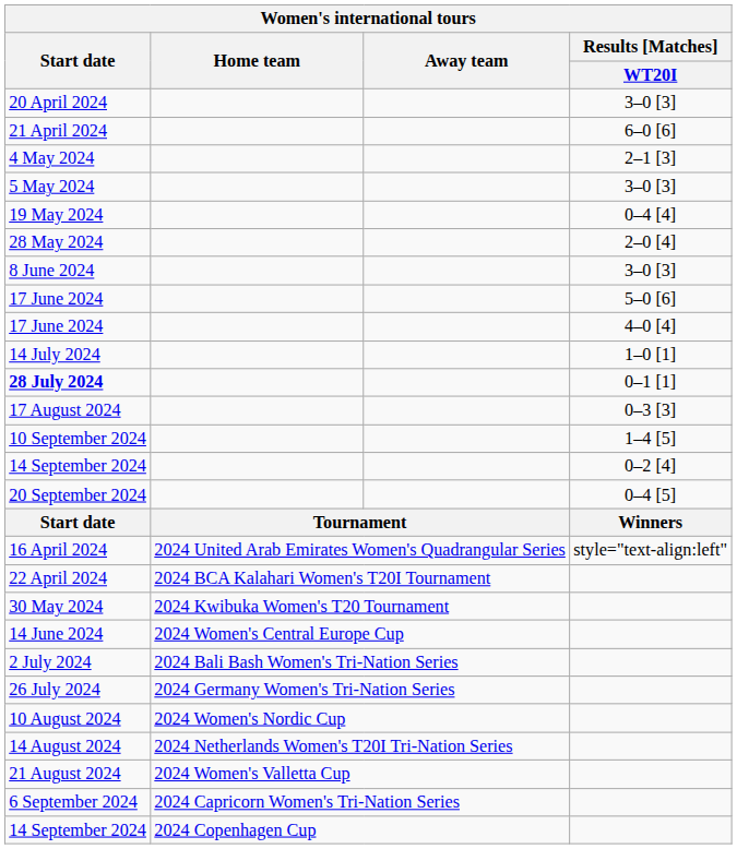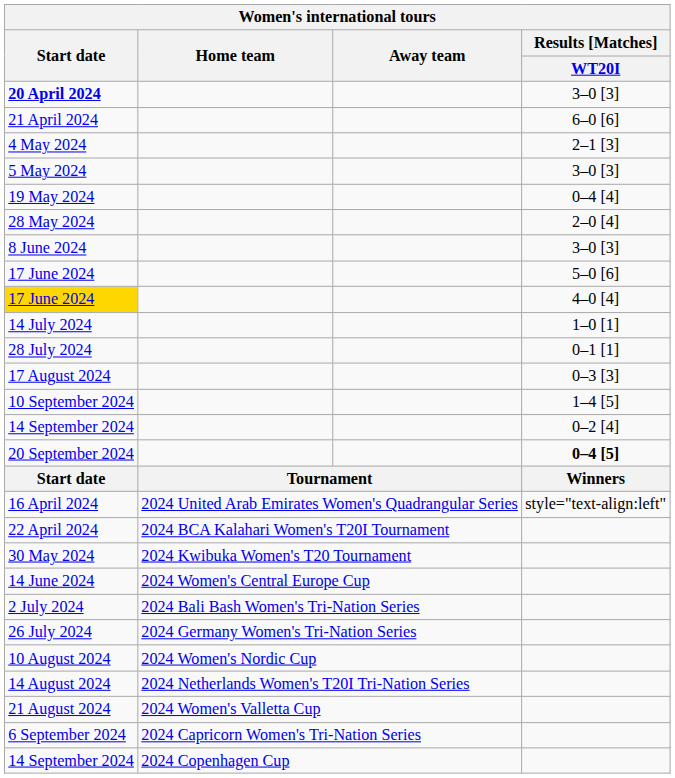 <table class="wikitable" style="text-align:center;">
 <tr>
 <th colspan="4">Women's international tours</th>
 </tr>
 <tr>
 <th rowspan=2>Start date</th>
 <th rowspan=2>Home team</th>
 <th rowspan=2>Away team</th>
 <th>Results [Matches]</th>
 </tr>
 <tr>
 <th><a href='#'>WT20I</a></th>
 </tr>
 <tr>
-<td style="text-align:left"><a href='#'>20 April 2024</a></td>
+<td style="text-align:left"><strong><a href='#'>20 April 2024</a></strong></td>
 <td style="text-align:left"></td>
 <td style="text-align:left"></td>
 <td>3–0 [3]</td>
 </tr>
 <tr>
 <td style="text-align:left"><a href='#'>21 April 2024</a></td>
 <td style="text-align:left"></td>
 <td style="text-align:left"></td>
 <td>6–0 [6]</td>
 </tr>
 <tr>
 <td style="text-align:left"><a href='#'>4 May 2024</a></td>
 <td style="text-align:left"></td>
 <td style="text-align:left"></td>
 <td>2–1 [3]</td>
 </tr>
 <tr>
 <td style="text-align:left"><a href='#'>5 May 2024</a></td>
 <td style="text-align:left"> </td>
 <td style="text-align:left"></td>
 <td>3–0 [3]</td>
 </tr>
 <tr>
 <td style="text-align:left"><a href='#'>19 May 2024</a></td>
 <td style="text-align:left"></td>
 <td style="text-align:left"></td>
 <td>0–4 [4]</td>
 </tr>
 <tr>
 <td style="text-align:left"><a href='#'>28 May 2024</a></td>
 <td style="text-align:left"></td>
 <td style="text-align:left"></td>
 <td>2–0 [4]</td>
 </tr>
 <tr>
 <td style="text-align:left"><a href='#'>8 June 2024</a></td>
 <td style="text-align:left"></td>
 <td style="text-align:left"></td>
 <td>3–0 [3]</td>
 </tr>
 <tr>
 <td style="text-align:left"><a href='#'>17 June 2024</a></td>
 <td style="text-align:left"></td>
 <td style="text-align:left"></td>
 <td>5–0 [6]</td>
 </tr>
 <tr>
-<td style="text-align:left"><a href='#'>17 June 2024</a></td>
+<td style="background: gold; text-align:left"><a href='#'>17 June 2024</a></td>
 <td style="text-align:left"></td>
 <td style="text-align:left"></td>
 <td>4–0 [4]</td>
 </tr>
 <tr>
 <td style="text-align:left"><a href='#'>14 July 2024</a></td>
 <td style="text-align:left"></td>
 <td style="text-align:left"></td>
 <td colspan=3>1–0 [1]</td>
 </tr>
 <tr>
-<td style="text-align:left"><strong><a href='#'>28 July 2024</a></strong></td>
+<td style="text-align:left"><a href='#'>28 July 2024</a></td>
 <td style="text-align:left"></td>
 <td style="text-align:left"></td>
 <td colspan=3>0–1 [1]</td>
 </tr>
 <tr>
 <td style="text-align:left"><a href='#'>17 August 2024</a></td>
 <td style="text-align:left"></td>
 <td style="text-align:left"></td>
 <td>0–3 [3]</td>
 </tr>
 <tr>
 <td style="text-align:left"><a href='#'>10 September 2024</a></td>
 <td style="text-align:left"></td>
 <td style="text-align:left"></td>
 <td>1–4 [5]</td>
 </tr>
 <tr>
 <td style="text-align:left"><a href='#'>14 September 2024</a></td>
 <td style="text-align:left"></td>
 <td style="text-align:left"></td>
 <td>0–2 [4]</td>
 </tr>
 <tr>
 <td style="text-align:left"><a href='#'>20 September 2024</a></td>
 <td style="text-align:left"></td>
 <td style="text-align:left"></td>
-<td>0–4 [5]</td>
+<td><strong>0–4 [5]</strong></td>
 </tr>
 <tr>
 <th>Start date</th>
 <th colspan=2>Tournament</th>
 <th>Winners</th>
 </tr>
 <tr>
 <td style="text-align:left"><a href='#'>16 April 2024</a></td>
 <td style="text-align:left" colspan=2> <a href='#'>2024 United Arab Emirates Women's Quadrangular Series</a></td>
 <td>style="text-align:left" </td>
 </tr>
 <tr>
 <td style="text-align:left"><a href='#'>22 April 2024</a></td>
 <td style="text-align:left" colspan=2> <a href='#'>2024 BCA Kalahari Women's T20I Tournament</a></td>
 <td style="text-align:left"></td>
 </tr>
 <tr>
 <td style="text-align:left"><a href='#'>30 May 2024</a></td>
 <td colspan="2" style="text-align:left"> <a href='#'>2024 Kwibuka Women's T20 Tournament</a></td>
 <td style="text-align:left"></td>
 </tr>
 <tr>
 <td style="text-align:left"><a href='#'>14 June 2024</a></td>
 <td colspan="2" style="text-align:left"> <a href='#'>2024 Women's Central Europe Cup</a></td>
 <td style="text-align:left"></td>
 </tr>
 <tr>
 <td style="text-align:left"><a href='#'>2 July 2024</a></td>
 <td colspan="2" style="text-align:left"> <a href='#'>2024 Bali Bash Women's Tri-Nation Series</a></td>
 <td style="text-align:left"></td>
 </tr>
 <tr>
 <td style="text-align:left"><a href='#'>26 July 2024</a></td>
 <td colspan="2" style="text-align:left"> <a href='#'>2024 Germany Women's Tri-Nation Series</a></td>
 <td style="text-align:left"></td>
 </tr>
 <tr>
 <td style="text-align:left"><a href='#'>10 August 2024</a></td>
 <td colspan="2" style="text-align:left"> <a href='#'>2024 Women's Nordic Cup</a></td>
 <td style="text-align:left"></td>
 </tr>
 <tr>
 <td style="text-align:left"><a href='#'>14 August 2024</a></td>
 <td colspan="2" style="text-align:left"> <a href='#'>2024 Netherlands Women's T20I Tri-Nation Series</a></td>
 <td style="text-align:left"></td>
 </tr>
 <tr>
 <td style="text-align:left"><a href='#'>21 August 2024</a></td>
 <td colspan="2" style="text-align:left"> <a href='#'>2024 Women's Valletta Cup</a></td>
 <td style="text-align:left"></td>
 </tr>
 <tr>
 <td style="text-align:left"><a href='#'>6 September 2024</a></td>
 <td colspan="2" style="text-align:left"> <a href='#'>2024 Capricorn Women's Tri-Nation Series</a></td>
 <td style="text-align:left"></td>
 </tr>
 <tr>
 <td style="text-align:left"><a href='#'>14 September 2024</a></td>
 <td colspan="2" style="text-align:left"> <a href='#'>2024 Copenhagen Cup</a></td>
 <td style="text-align:left"></td>
 </tr>
 </table>
